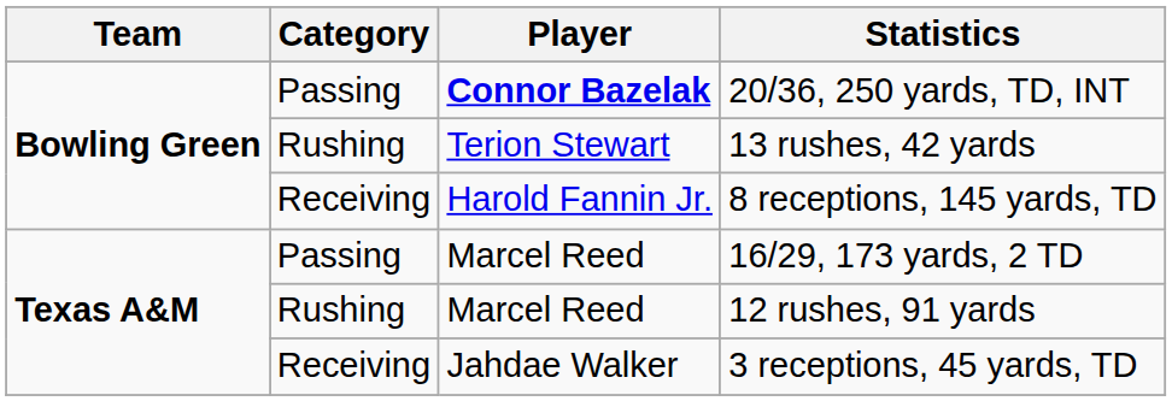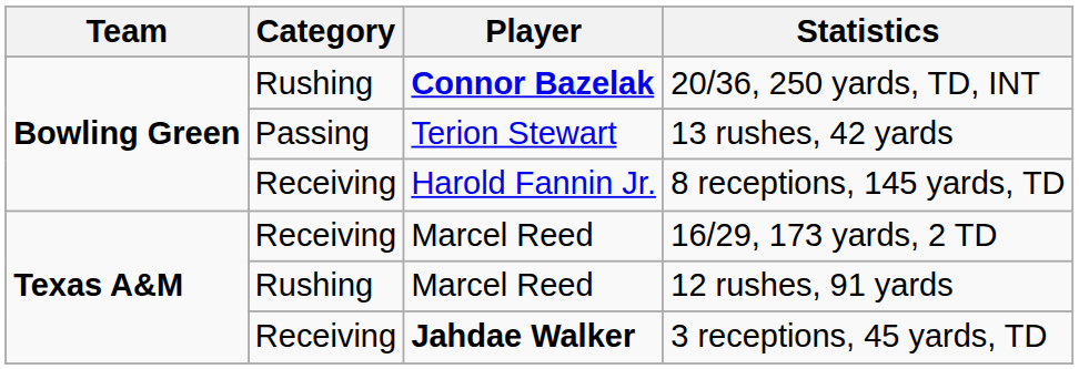 <table class="wikitable" style="float: right;">
 <tr>
 <th>Team</th>
 <th>Category</th>
 <th>Player</th>
 <th>Statistics</th>
 </tr>
 <tr>
 <td rowspan=3><strong>Bowling Green</strong></td>
-<td>Passing</td>
+<td>Rushing</td>
 <td><strong><a href='#'>Connor Bazelak</a></strong></td>
 <td>20/36, 250 yards, TD, INT</td>
 </tr>
 <tr>
-<td>Rushing</td>
+<td>Passing</td>
 <td><a href='#'>Terion Stewart</a></td>
 <td>13 rushes, 42 yards</td>
 </tr>
 <tr>
 <td>Receiving</td>
 <td><a href='#'>Harold Fannin Jr.</a></td>
 <td>8 receptions, 145 yards, TD</td>
 </tr>
 <tr>
 <td rowspan=3><strong>Texas A&M</strong></td>
-<td>Passing</td>
+<td>Receiving</td>
 <td>Marcel Reed</td>
 <td>16/29, 173 yards, 2 TD</td>
 </tr>
 <tr>
 <td>Rushing</td>
 <td>Marcel Reed</td>
 <td>12 rushes, 91 yards</td>
 </tr>
 <tr>
 <td>Receiving</td>
-<td>Jahdae Walker</td>
+<td><strong>Jahdae Walker</strong></td>
 <td>3 receptions, 45 yards, TD</td>
 </tr>
 </table>
